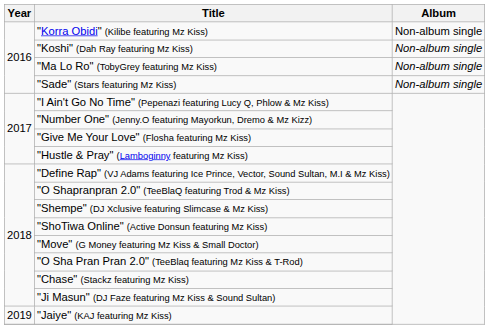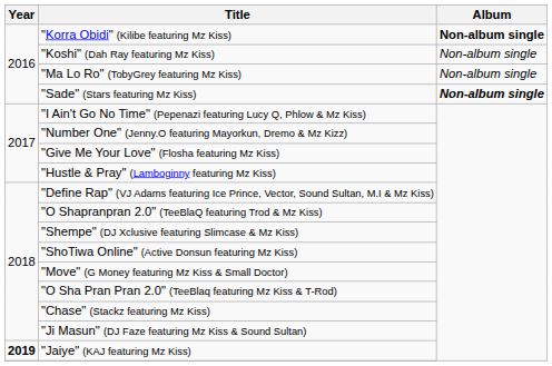 <table class="wikitable sortable">
 <tr>
 <th>Year</th>
 <th>Title</th>
 <th>Album</th>
 </tr>
 <tr>
 <td rowspan="4">2016</td>
 <td>"<a href='#'>Korra Obidi</a>" <small>(Kilibe featuring Mz Kiss)</small></td>
-<td>Non-album single</td>
+<td><strong>Non-album single</strong></td>
 </tr>
 <tr>
 <td>"Koshi" <small>(Dah Ray featuring Mz Kiss)</small></td>
 <td><em>Non-album single</em></td>
 </tr>
 <tr>
 <td>"Ma Lo Ro" <small>(TobyGrey featuring Mz Kiss)</small></td>
 <td><em>Non-album single</em></td>
 </tr>
 <tr>
 <td>"Sade" <small>(Stars featuring Mz Kiss)</small></td>
-<td><em>Non-album single</em></td>
+<td><strong><em>Non-album single</em></strong></td>
 </tr>
 <tr>
 <td rowspan="4">2017</td>
 <td>"I Ain't Go No Time" <small>(Pepenazi featuring Lucy Q, Phlow & Mz Kiss)</small></td>
 </tr>
 <tr>
 <td>"Number One" <small>(Jenny.O featuring Mayorkun, Dremo & Mz Kizz)</small></td>
 </tr>
 <tr>
 <td>"Give Me Your Love" <small>(Flosha featuring Mz Kiss)</small></td>
 </tr>
 <tr>
 <td>"Hustle & Pray" <small>(<a href='#'>Lamboginny</a> featuring Mz Kiss)</small></td>
 </tr>
 <tr>
 <td rowspan="8">2018</td>
 <td>"Define Rap" <small>(VJ Adams featuring Ice Prince, Vector, Sound Sultan, M.I & Mz Kiss)</small></td>
 </tr>
 <tr>
 <td>"O Shapranpran 2.0" <small>(TeeBlaQ featuring Trod & Mz Kiss)</small></td>
 </tr>
 <tr>
 <td>"Shempe" <small>(DJ Xclusive featuring Slimcase & Mz Kiss)</small></td>
 </tr>
 <tr>
 <td>"ShoTiwa Online" <small>(Active Donsun featuring Mz Kiss)</small></td>
 </tr>
 <tr>
 <td>"Move" <small>(G Money featuring Mz Kiss & Small Doctor)</small></td>
 </tr>
 <tr>
 <td>"O Sha Pran Pran 2.0" <small>(TeeBlaq featuring Mz Kiss & T-Rod)</small></td>
 </tr>
 <tr>
 <td>"Chase" <small>(Stackz featuring Mz Kiss)</small></td>
 </tr>
 <tr>
 <td>"Ji Masun" <small>(DJ Faze featuring Mz Kiss & Sound Sultan)</small></td>
 </tr>
 <tr>
-<td rowspan="1">2019</td>
+<td rowspan="1"><strong>2019</strong></td>
 <td>"Jaiye" <small>(KAJ featuring Mz Kiss)</small></td>
 </tr>
 <tr>
 </tr>
 </table>
